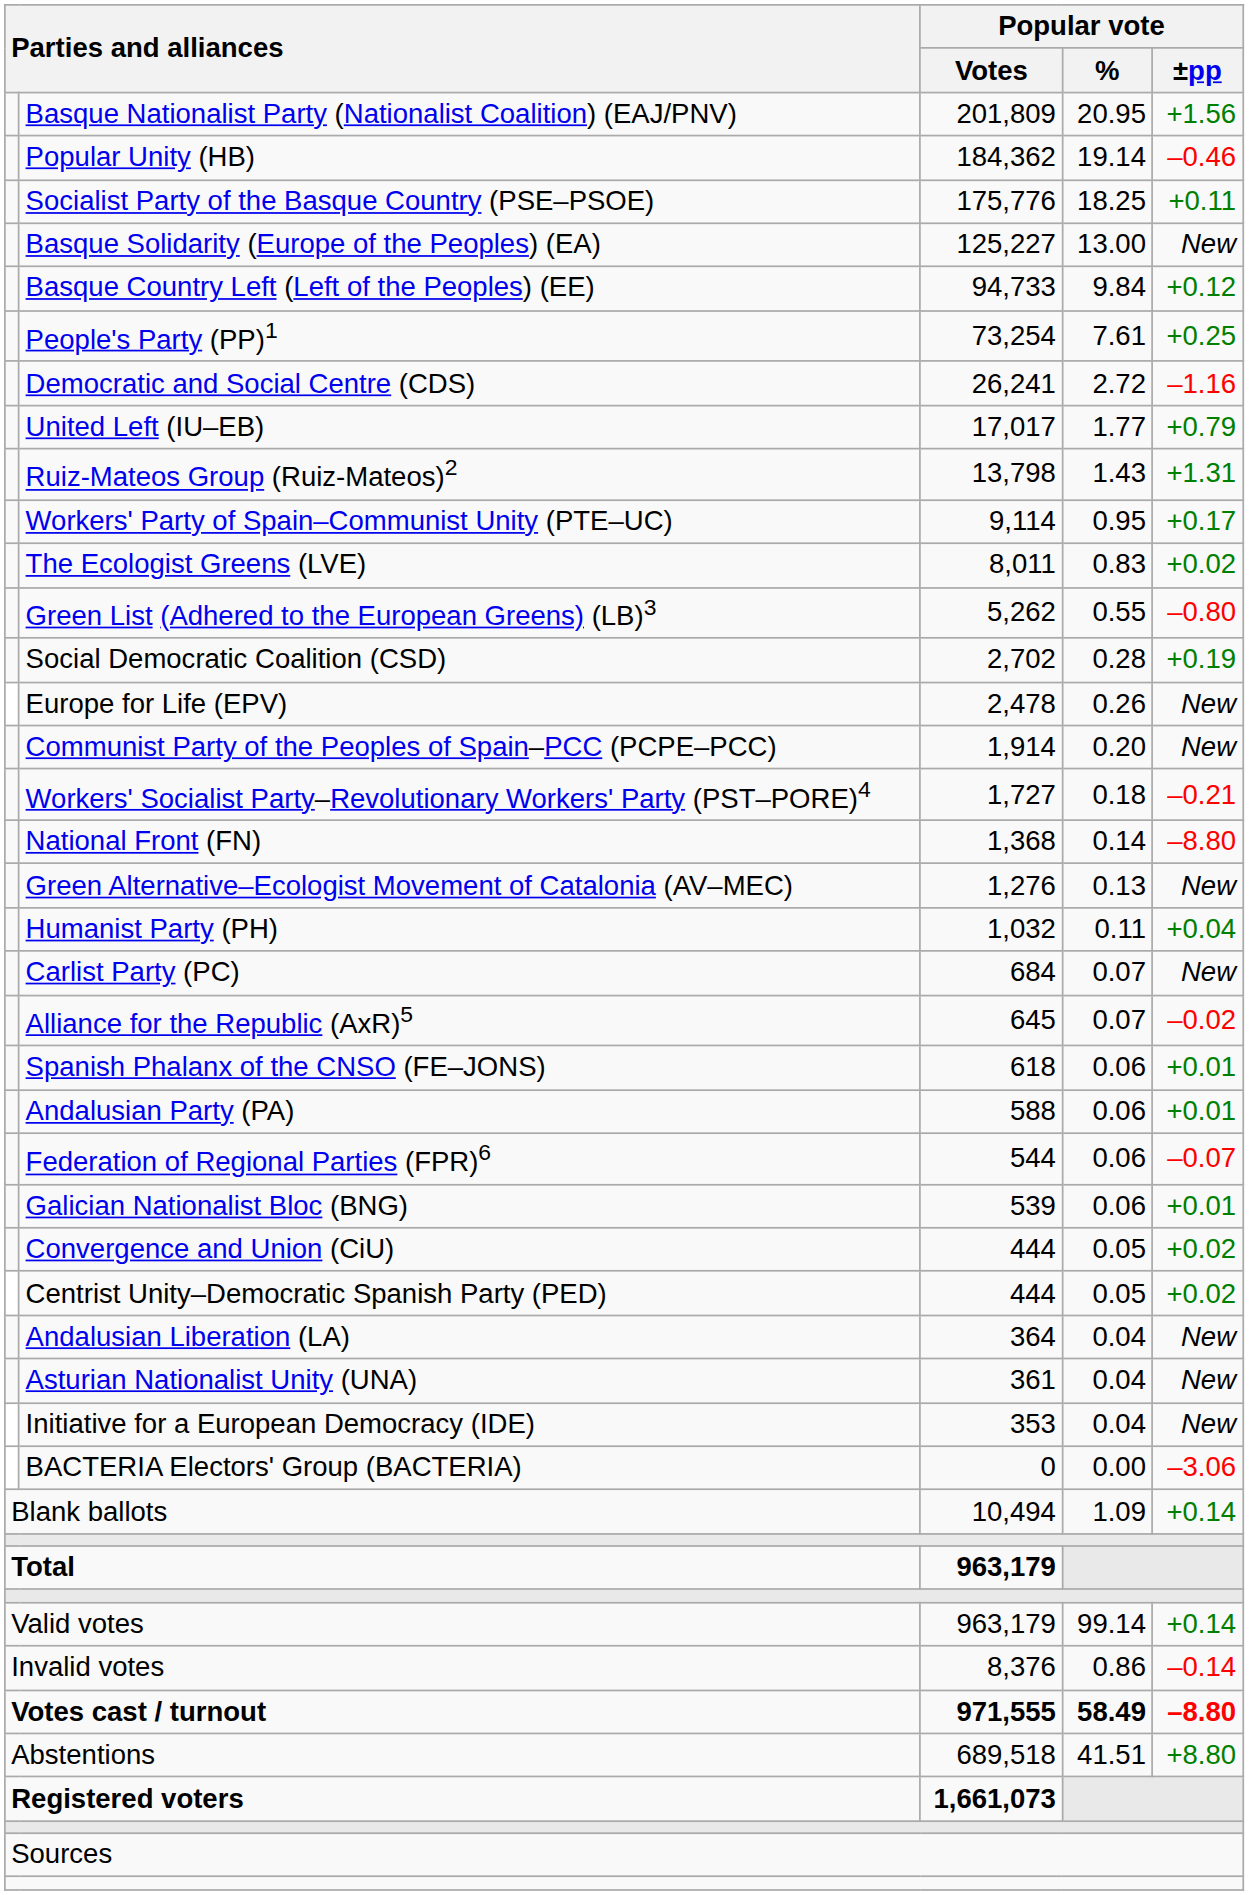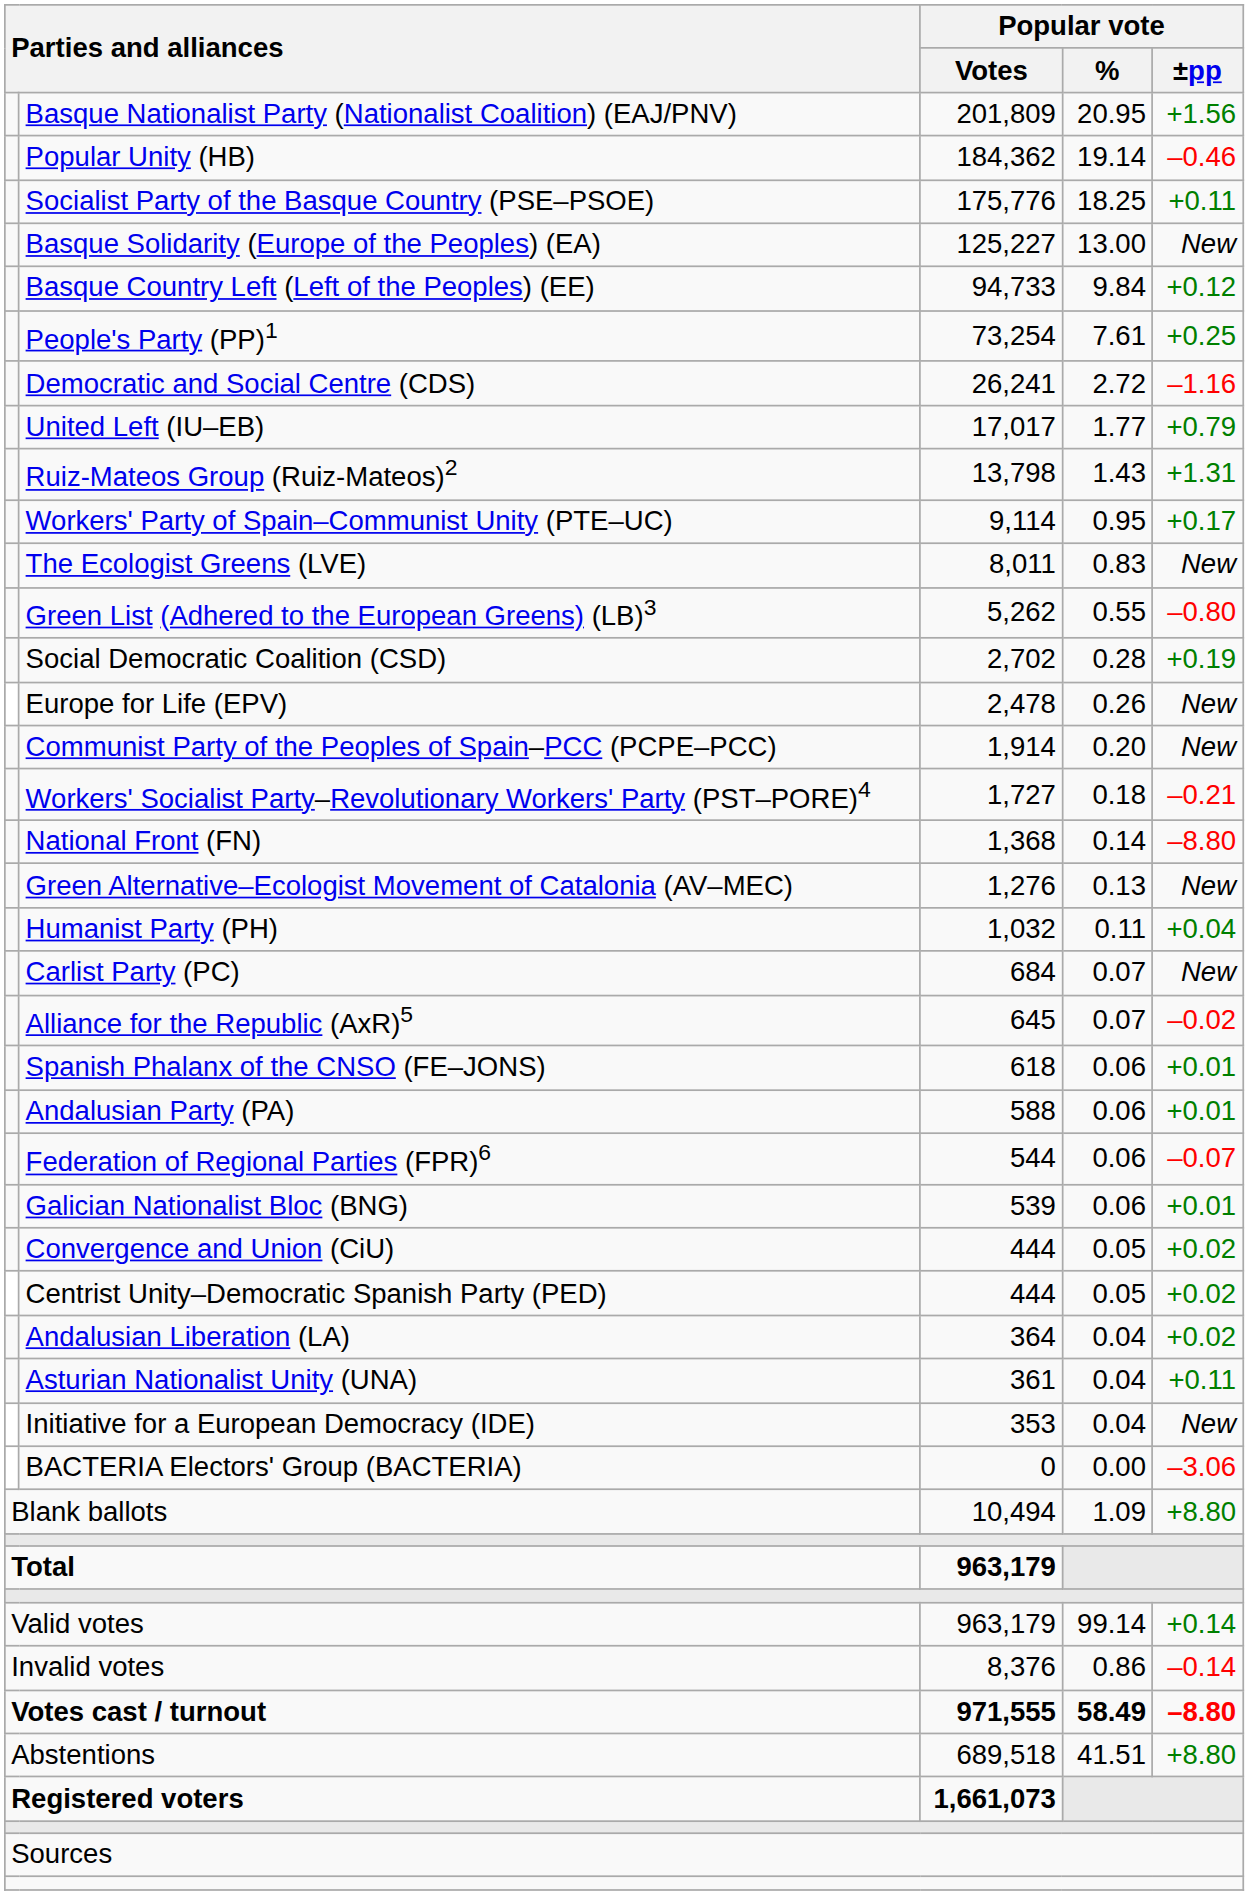 <table class="wikitable" style="text-align:right">
 <tr>
 <th style="text-align:left;" rowspan="2" colspan="2" width="525">Parties and alliances</th>
 <th colspan="3">Popular vote</th>
 </tr>
 <tr>
 <th width="75">Votes</th>
 <th width="45">%</th>
 <th width="45">±<a href='#'>pp</a></th>
 </tr>
 <tr>
 <td width="1" style="color:inherit;background:"></td>
 <td align="left"><a href='#'>Basque Nationalist Party</a> (<a href='#'>Nationalist Coalition</a>) (EAJ/PNV)</td>
 <td>201,809</td>
 <td>20.95</td>
 <td style="color:green;">+1.56</td>
 </tr>
 <tr>
 <td style="color:inherit;background:"></td>
 <td align="left"><a href='#'>Popular Unity</a> (HB)</td>
 <td>184,362</td>
 <td>19.14</td>
 <td style="color:red;">–0.46</td>
 </tr>
 <tr>
 <td style="color:inherit;background:"></td>
 <td align="left"><a href='#'>Socialist Party of the Basque Country</a> (PSE–PSOE)</td>
 <td>175,776</td>
 <td>18.25</td>
 <td style="color:green;">+0.11</td>
 </tr>
 <tr>
 <td style="color:inherit;background:"></td>
 <td align="left"><a href='#'>Basque Solidarity</a> (<a href='#'>Europe of the Peoples</a>) (EA)</td>
 <td>125,227</td>
 <td>13.00</td>
 <td><em>New</em></td>
 </tr>
 <tr>
 <td style="color:inherit;background:"></td>
 <td align="left"><a href='#'>Basque Country Left</a> (<a href='#'>Left of the Peoples</a>) (EE)</td>
 <td>94,733</td>
 <td>9.84</td>
 <td style="color:green;">+0.12</td>
 </tr>
 <tr>
 <td style="color:inherit;background:"></td>
 <td align="left"><a href='#'>People's Party</a> (PP)<sup>1</sup></td>
 <td>73,254</td>
 <td>7.61</td>
 <td style="color:green;">+0.25</td>
 </tr>
 <tr>
 <td style="color:inherit;background:"></td>
 <td align="left"><a href='#'>Democratic and Social Centre</a> (CDS)</td>
 <td>26,241</td>
 <td>2.72</td>
 <td style="color:red;">–1.16</td>
 </tr>
 <tr>
 <td style="color:inherit;background:"></td>
 <td align="left"><a href='#'>United Left</a> (IU–EB)</td>
 <td>17,017</td>
 <td>1.77</td>
 <td style="color:green;">+0.79</td>
 </tr>
 <tr>
 <td style="color:inherit;background:"></td>
 <td align="left"><a href='#'>Ruiz-Mateos Group</a> (Ruiz-Mateos)<sup>2</sup></td>
 <td>13,798</td>
 <td>1.43</td>
 <td style="color:green;">+1.31</td>
 </tr>
 <tr>
 <td style="color:inherit;background:"></td>
 <td align="left"><a href='#'>Workers' Party of Spain–Communist Unity</a> (PTE–UC)</td>
 <td>9,114</td>
 <td>0.95</td>
 <td style="color:green;">+0.17</td>
 </tr>
 <tr>
 <td style="color:inherit;background:"></td>
 <td align="left"><a href='#'>The Ecologist Greens</a> (LVE)</td>
 <td>8,011</td>
 <td>0.83</td>
-<td style="color:green;">+0.02</td>
+<td><em>New</em></td>
 </tr>
 <tr>
 <td style="color:inherit;background:"></td>
 <td align="left"><a href='#'>Green List</a> <a href='#'>(Adhered to the European Greens)</a> (LB)<sup>3</sup></td>
 <td>5,262</td>
 <td>0.55</td>
 <td style="color:red;">–0.80</td>
 </tr>
 <tr>
 <td style="color:inherit;background:"></td>
 <td align="left">Social Democratic Coalition (CSD)</td>
 <td>2,702</td>
 <td>0.28</td>
 <td style="color:green;">+0.19</td>
 </tr>
 <tr>
 <td bgcolor="white"></td>
 <td align="left">Europe for Life (EPV)</td>
 <td>2,478</td>
 <td>0.26</td>
 <td><em>New</em></td>
 </tr>
 <tr>
 <td style="color:inherit;background:"></td>
 <td align="left"><a href='#'>Communist Party of the Peoples of Spain</a>–<a href='#'>PCC</a> (PCPE–PCC)</td>
 <td>1,914</td>
 <td>0.20</td>
 <td><em>New</em></td>
 </tr>
 <tr>
 <td style="color:inherit;background:"></td>
 <td align="left"><a href='#'>Workers' Socialist Party</a>–<a href='#'>Revolutionary Workers' Party</a> (PST–PORE)<sup>4</sup></td>
 <td>1,727</td>
 <td>0.18</td>
 <td style="color:red;">–0.21</td>
 </tr>
 <tr>
 <td style="color:inherit;background:"></td>
 <td align="left"><a href='#'>National Front</a> (FN)</td>
 <td>1,368</td>
 <td>0.14</td>
 <td style="color:red;">–8.80</td>
 </tr>
 <tr>
 <td style="color:inherit;background:"></td>
 <td align="left"><a href='#'>Green Alternative–Ecologist Movement of Catalonia</a> (AV–MEC)</td>
 <td>1,276</td>
 <td>0.13</td>
 <td><em>New</em></td>
 </tr>
 <tr>
 <td style="color:inherit;background:"></td>
 <td align="left"><a href='#'>Humanist Party</a> (PH)</td>
 <td>1,032</td>
 <td>0.11</td>
 <td style="color:green;">+0.04</td>
 </tr>
 <tr>
 <td style="color:inherit;background:"></td>
 <td align="left"><a href='#'>Carlist Party</a> (PC)</td>
 <td>684</td>
 <td>0.07</td>
 <td><em>New</em></td>
 </tr>
 <tr>
 <td style="color:inherit;background:"></td>
 <td align="left"><a href='#'>Alliance for the Republic</a> (AxR)<sup>5</sup></td>
 <td>645</td>
 <td>0.07</td>
 <td style="color:red;">–0.02</td>
 </tr>
 <tr>
 <td style="color:inherit;background:"></td>
 <td align="left"><a href='#'>Spanish Phalanx of the CNSO</a> (FE–JONS)</td>
 <td>618</td>
 <td>0.06</td>
 <td style="color:green;">+0.01</td>
 </tr>
 <tr>
 <td style="color:inherit;background:"></td>
 <td align="left"><a href='#'>Andalusian Party</a> (PA)</td>
 <td>588</td>
 <td>0.06</td>
 <td style="color:green;">+0.01</td>
 </tr>
 <tr>
 <td style="color:inherit;background:"></td>
 <td align="left"><a href='#'>Federation of Regional Parties</a> (FPR)<sup>6</sup></td>
 <td>544</td>
 <td>0.06</td>
 <td style="color:red;">–0.07</td>
 </tr>
 <tr>
 <td style="color:inherit;background:"></td>
 <td align="left"><a href='#'>Galician Nationalist Bloc</a> (BNG)</td>
 <td>539</td>
 <td>0.06</td>
 <td style="color:green;">+0.01</td>
 </tr>
 <tr>
 <td style="color:inherit;background:"></td>
 <td align="left"><a href='#'>Convergence and Union</a> (CiU)</td>
 <td>444</td>
 <td>0.05</td>
 <td style="color:green;">+0.02</td>
 </tr>
 <tr>
 <td bgcolor="white"></td>
 <td align="left">Centrist Unity–Democratic Spanish Party (PED)</td>
 <td>444</td>
 <td>0.05</td>
 <td style="color:green;">+0.02</td>
 </tr>
 <tr>
 <td style="color:inherit;background:"></td>
 <td align="left"><a href='#'>Andalusian Liberation</a> (LA)</td>
 <td>364</td>
 <td>0.04</td>
-<td><em>New</em></td>
+<td style="color:green;">+0.02</td>
 </tr>
 <tr>
 <td style="color:inherit;background:"></td>
 <td align="left"><a href='#'>Asturian Nationalist Unity</a> (UNA)</td>
 <td>361</td>
 <td>0.04</td>
-<td><em>New</em></td>
+<td style="color:green;">+0.11</td>
 </tr>
 <tr>
 <td bgcolor="white"></td>
 <td align="left">Initiative for a European Democracy (IDE)</td>
 <td>353</td>
 <td>0.04</td>
 <td><em>New</em></td>
 </tr>
 <tr>
 <td bgcolor="white"></td>
 <td align="left">BACTERIA Electors' Group (BACTERIA)</td>
 <td>0</td>
 <td>0.00</td>
 <td style="color:red;">–3.06</td>
 </tr>
 <tr>
 <td align="left" colspan="2">Blank ballots</td>
 <td>10,494</td>
 <td>1.09</td>
-<td style="color:green;">+0.14</td>
+<td style="color:green;">+8.80</td>
 </tr>
 <tr>
 <td colspan="5" bgcolor="#E9E9E9"></td>
 </tr>
 <tr style="font-weight:bold;">
 <td align="left" colspan="2">Total</td>
 <td>963,179</td>
 <td bgcolor="#E9E9E9" colspan="2"></td>
 </tr>
 <tr>
 <td colspan="5" bgcolor="#E9E9E9"></td>
 </tr>
 <tr>
 <td align="left" colspan="2">Valid votes</td>
 <td>963,179</td>
 <td>99.14</td>
 <td style="color:green;">+0.14</td>
 </tr>
 <tr>
 <td align="left" colspan="2">Invalid votes</td>
 <td>8,376</td>
 <td>0.86</td>
 <td style="color:red;">–0.14</td>
 </tr>
 <tr style="font-weight:bold;">
 <td align="left" colspan="2">Votes cast / turnout</td>
 <td>971,555</td>
 <td>58.49</td>
 <td style="color:red;">–8.80</td>
 </tr>
 <tr>
 <td align="left" colspan="2">Abstentions</td>
 <td>689,518</td>
 <td>41.51</td>
 <td style="color:green;">+8.80</td>
 </tr>
 <tr style="font-weight:bold;">
 <td align="left" colspan="2">Registered voters</td>
 <td>1,661,073</td>
 <td bgcolor="#E9E9E9" colspan="2"></td>
 </tr>
 <tr>
 <td colspan="5" bgcolor="#E9E9E9"></td>
 </tr>
 <tr>
 <td align="left" colspan="5">Sources</td>
 </tr>
 <tr>
 <td colspan="5" style="text-align:left; max-width:680px;"></td>
 </tr>
 </table>
